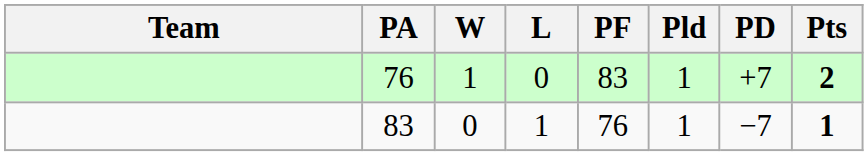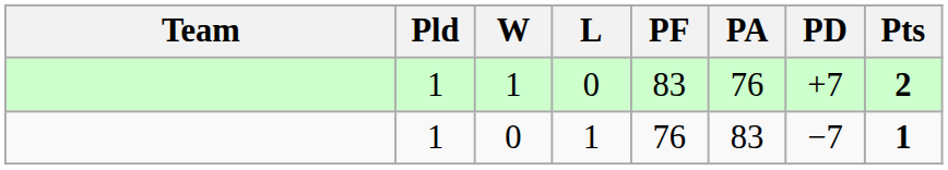 <table class=wikitable style="text-align:center">
 <tr>
 <th width=180>Team</th>
-<th width=30>PA</th>
+<th width=30>Pld</th>
 <th width=30>W</th>
 <th width=30>L</th>
 <th width=30>PF</th>
-<th width=30>Pld</th>
+<th width=30>PA</th>
 <th width=30>PD</th>
 <th width=30>Pts</th>
 </tr>
 <tr align=center bgcolor="#ccffcc">
 <td align=left></td>
-<td>76</td>
+<td>1</td>
 <td>1</td>
 <td>0</td>
 <td>83</td>
-<td>1</td>
+<td>76</td>
 <td>+7</td>
 <td><strong>2</strong></td>
 </tr>
 <tr align=center>
 <td align=left></td>
-<td>83</td>
+<td>1</td>
 <td>0</td>
 <td>1</td>
 <td>76</td>
-<td>1</td>
+<td>83</td>
 <td>−7</td>
 <td><strong>1</strong></td>
 </tr>
 </table>
